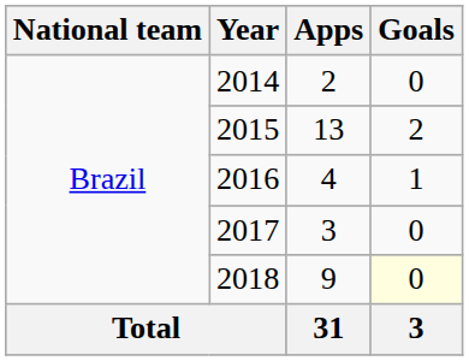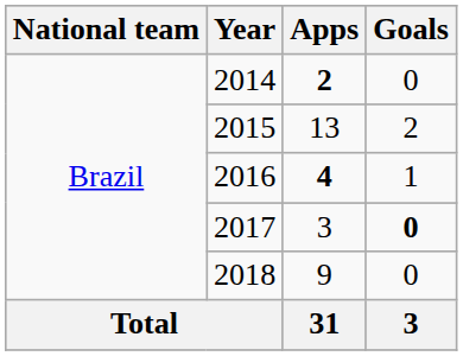 <table class="wikitable" style="text-align:center">
 <tr>
 <th>National team</th>
 <th>Year</th>
 <th>Apps</th>
 <th>Goals</th>
 </tr>
 <tr>
 <td rowspan="5"><a href='#'>Brazil</a></td>
 <td>2014</td>
-<td>2</td>
+<td><strong>2</strong></td>
 <td>0</td>
 </tr>
 <tr>
 <td>2015</td>
 <td>13</td>
 <td>2</td>
 </tr>
 <tr>
 <td>2016</td>
-<td>4</td>
+<td><strong>4</strong></td>
 <td>1</td>
 </tr>
 <tr>
 <td>2017</td>
 <td>3</td>
-<td>0</td>
+<td><strong>0</strong></td>
 </tr>
 <tr>
 <td>2018</td>
 <td>9</td>
-<td style="background: lightyellow;">0</td>
+<td>0</td>
 </tr>
 <tr>
 <th colspan="2">Total</th>
 <th>31</th>
 <th>3</th>
 </tr>
 </table>
